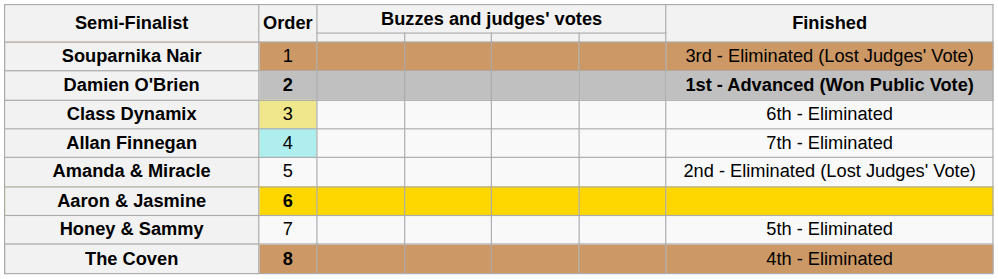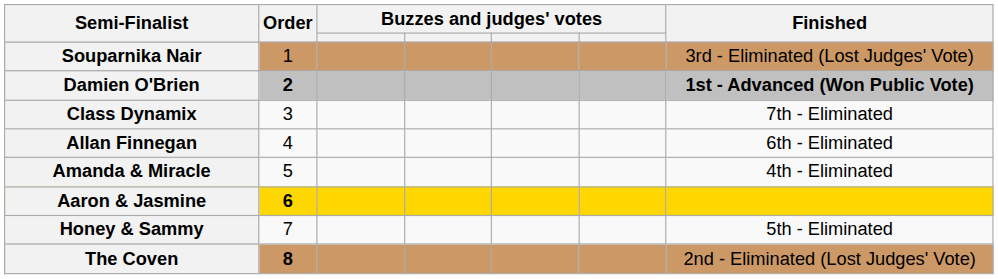 <table class="wikitable plainrowheaders sortable" style="text-align:center;">
 <tr>
 <th scope="col" rowspan="2" class="unsortable" style="width:17em;">Semi-Finalist </th>
 <th scope="col" rowspan="2" style="width:1em;">Order</th>
 <th scope="col" colspan="4" class="unsortable" style="width:24em;">Buzzes and judges' votes</th>
 <th scope="col" rowspan="2" style="width:23em;">Finished </th>
 </tr>
 <tr>
 <th scope="col" class="unsortable" style="width:6em;"></th>
 <th scope="col" class="unsortable" style="width:6em;"></th>
 <th scope="col" class="unsortable" style="width:6em;"></th>
 <th scope="col" class="unsortable" style="width:6em;"></th>
 </tr>
 <tr bgcolor=#c96>
 <th scope="row">Souparnika Nair</th>
 <td>1</td>
 <td style="text-align:center;"></td>
 <td style="text-align:center;"></td>
 <td style="text-align:center;"></td>
 <td style="text-align:center;"></td>
 <td>3rd - Eliminated (Lost Judges' Vote)</td>
 </tr>
 <tr bgcolor=silver>
 <th scope="row"><strong>Damien O'Brien</strong></th>
 <td><strong>2</strong></td>
 <td style="text-align:center;"></td>
 <td style="text-align:center;"></td>
 <td style="text-align:center;"></td>
 <td style="text-align:center;"></td>
 <td><strong>1st - Advanced (Won Public Vote)</strong></td>
 </tr>
 <tr>
 <th scope="row">Class Dynamix</th>
-<td style="background: khaki;">3</td>
+<td>3</td>
+<td style="text-align:center;"></td>
+<td style="text-align:center;"></td>
+<td style="text-align:center;"></td>
+<td style="text-align:center;"></td>
+<td>7th - Eliminated</td>
+</tr>
+<tr>
+<th scope="row">Allan Finnegan</th>
+<td>4</td>
 <td style="text-align:center;"></td>
 <td style="text-align:center;"></td>
 <td style="text-align:center;"></td>
 <td style="text-align:center;"></td>
 <td>6th - Eliminated</td>
-</tr>
-<tr>
-<th scope="row">Allan Finnegan</th>
-<td style="background: paleturquoise;">4</td>
-<td style="text-align:center;"></td>
-<td style="text-align:center;"></td>
-<td style="text-align:center;"></td>
-<td style="text-align:center;"></td>
-<td>7th - Eliminated</td>
 </tr>
 <tr>
 <th scope="row">Amanda & Miracle</th>
 <td>5</td>
 <td style="text-align:center;"></td>
 <td style="text-align:center;"></td>
 <td style="text-align:center;"></td>
 <td style="text-align:center;"></td>
-<td>2nd - Eliminated (Lost Judges' Vote) </td>
+<td>4th - Eliminated</td>
 </tr>
 <tr bgcolor=gold>
 <th scope="row"><strong>Aaron & Jasmine</strong></th>
 <td><strong>6</strong></td>
 <td style="text-align:center;"></td>
 <td style="text-align:center;"></td>
 <td style="text-align:center;"></td>
 <td style="text-align:center;"></td>
 <td><strong></strong> </td>
 </tr>
 <tr>
 <th scope="row">Honey & Sammy</th>
 <td>7</td>
 <td style="text-align:center;"></td>
 <td style="text-align:center;"></td>
 <td style="text-align:center;"></td>
 <td style="text-align:center;"></td>
 <td>5th - Eliminated</td>
 </tr>
 <tr bgcolor=#c96>
 <th scope="row">The Coven</th>
 <td><strong>8</strong></td>
 <td style="text-align:center;"></td>
 <td style="text-align:center;"></td>
 <td style="text-align:center;"></td>
 <td style="text-align:center;"></td>
-<td>4th - Eliminated</td>
+<td>2nd - Eliminated (Lost Judges' Vote) </td>
 </tr>
 </table>
